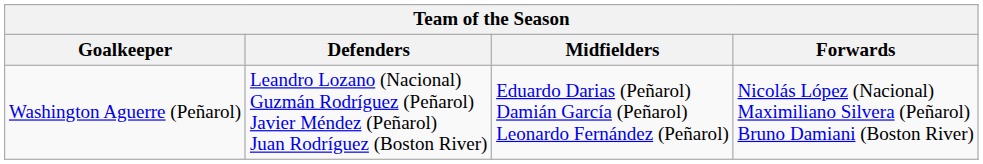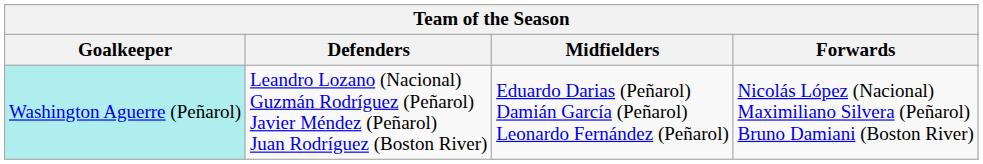 <table class="wikitable">
 <tr>
 <th colspan="13">Team of the Season</th>
 </tr>
 <tr>
 <th>Goalkeeper</th>
 <th>Defenders</th>
 <th>Midfielders</th>
 <th>Forwards</th>
 </tr>
 <tr>
-<td> <a href='#'>Washington Aguerre</a> (Peñarol)</td>
+<td style="background: paleturquoise;"> <a href='#'>Washington Aguerre</a> (Peñarol)</td>
 <td> <a href='#'>Leandro Lozano</a> (Nacional)<br> <a href='#'>Guzmán Rodríguez</a> (Peñarol)<br> <a href='#'>Javier Méndez</a> (Peñarol)<br> <a href='#'>Juan Rodríguez</a> (Boston River)</td>
 <td> <a href='#'>Eduardo Darias</a> (Peñarol)<br> <a href='#'>Damián García</a> (Peñarol)<br> <a href='#'>Leonardo Fernández</a> (Peñarol)</td>
 <td> <a href='#'>Nicolás López</a> (Nacional)<br> <a href='#'>Maximiliano Silvera</a> (Peñarol)<br> <a href='#'>Bruno Damiani</a> (Boston River)</td>
 </tr>
 </table>
